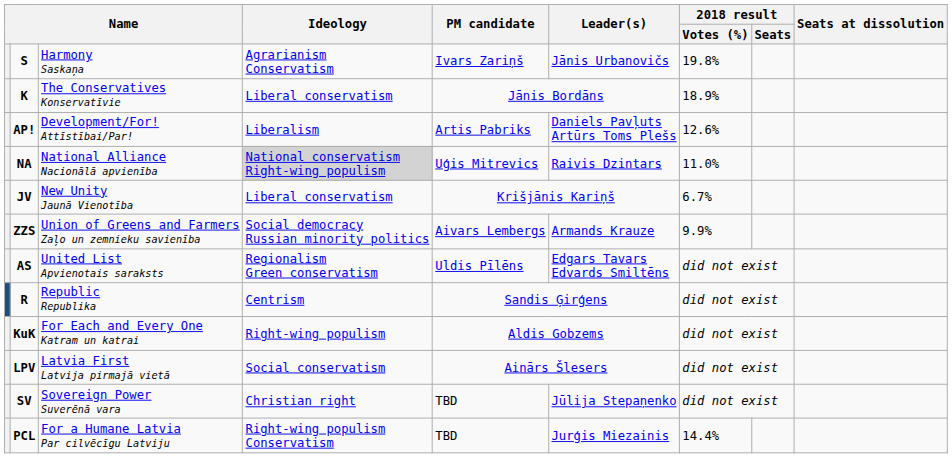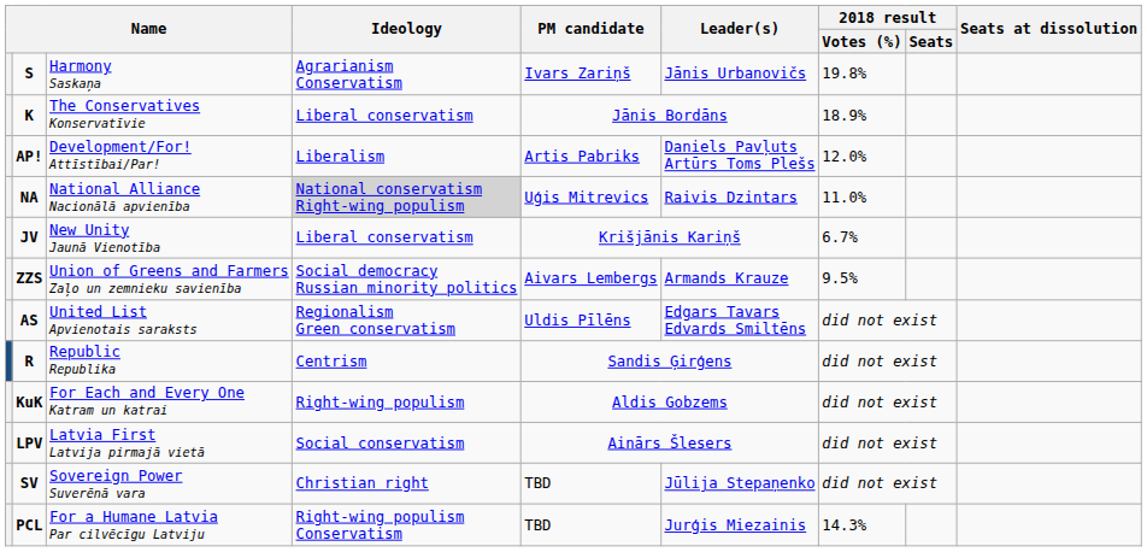 <table class="wikitable sortable">
 <tr>
 <th colspan=3 rowspan=2>Name</th>
 <th rowspan=2>Ideology</th>
 <th rowspan=2>PM candidate</th>
 <th rowspan=2>Leader(s)</th>
 <th colspan=2>2018 result</th>
 <th rowspan=2>Seats at dissolution</th>
 </tr>
 <tr>
 <th>Votes (%)</th>
 <th>Seats</th>
 </tr>
 <tr>
 <th style="background-color:"></th>
 <td style="text-align:center;"><strong>S</strong></td>
 <td><a href='#'>Harmony</a><br><small><em>Saskaņa</em></small></td>
 <td><a href='#'>Agrarianism</a><br><a href='#'>Conservatism</a></td>
 <td><a href='#'>Ivars Zariņš</a></td>
 <td><a href='#'>Jānis Urbanovičs</a></td>
 <td>19.8%</td>
 <td></td>
 <td></td>
 </tr>
 <tr>
 <th style="background-color:"></th>
 <td style="text-align:center;"><strong>K</strong></td>
 <td><a href='#'>The Conservatives</a><br><small><em>Konservatīvie</em></small></td>
 <td><a href='#'>Liberal conservatism</a></td>
 <td style="text-align:center;" colspan="2"><a href='#'>Jānis Bordāns</a></td>
 <td>18.9%</td>
 <td></td>
 <td></td>
 </tr>
 <tr>
 <th style="background-color:"></th>
 <td style="text-align:center;"><strong>AP!</strong></td>
 <td><a href='#'>Development/For!</a><br><small><em>Attīstībai/Par!</em></small></td>
 <td><a href='#'>Liberalism</a></td>
 <td><a href='#'>Artis Pabriks</a></td>
 <td><a href='#'>Daniels Pavļuts</a><br><a href='#'>Artūrs Toms Plešs</a></td>
-<td>12.6%</td>
+<td>12.0%</td>
 <td></td>
 <td></td>
 </tr>
 <tr>
 <th style="background-color:"></th>
 <td style="text-align:center;"><strong>NA</strong></td>
 <td><a href='#'>National Alliance</a><br><small><em>Nacionālā apvienība</em></small></td>
 <td style="background: lightgrey;"><a href='#'>National conservatism</a><br><a href='#'>Right-wing populism</a></td>
 <td><a href='#'>Uģis Mitrevics</a></td>
 <td><a href='#'>Raivis Dzintars</a></td>
 <td>11.0%</td>
 <td></td>
 <td></td>
 </tr>
 <tr>
 <th style="background-color:"></th>
 <td style="text-align:center;"><strong>JV</strong></td>
 <td><a href='#'>New Unity</a><br><small><em>Jaunā Vienotība</em></small></td>
 <td><a href='#'>Liberal conservatism</a></td>
 <td style="text-align:center;" colspan="2"><a href='#'>Krišjānis Kariņš</a></td>
 <td>6.7%</td>
 <td></td>
 <td></td>
 </tr>
 <tr>
 <th style="background-color:"></th>
 <td style="text-align:center;"><strong>ZZS</strong></td>
 <td><a href='#'>Union of Greens and Farmers</a><br><small><em>Zaļo un zemnieku savienība</em></small></td>
 <td><a href='#'>Social democracy</a><br><a href='#'>Russian minority politics</a></td>
 <td><a href='#'>Aivars Lembergs</a></td>
 <td><a href='#'>Armands Krauze</a></td>
-<td>9.9%</td>
+<td>9.5%</td>
 <td></td>
 <td></td>
 </tr>
 <tr>
 <th style="background-color:"></th>
 <td style="text-align:center;"><strong>AS</strong></td>
 <td><a href='#'>United List</a><br><small><em>Apvienotais saraksts</em></small></td>
 <td><a href='#'>Regionalism</a><br><a href='#'>Green conservatism</a></td>
 <td><a href='#'>Uldis Pīlēns</a></td>
 <td><a href='#'>Edgars Tavars</a><br><a href='#'>Edvards Smiltēns</a></td>
 <td colspan="2"><em>did not exist</em></td>
 <td></td>
 </tr>
 <tr>
 <th style="background-color:#1B4D7D"></th>
 <td style="text-align:center;"><strong>R</strong></td>
 <td><a href='#'>Republic</a><br><small><em>Republika</em></small></td>
 <td><a href='#'>Centrism</a></td>
 <td style="text-align:center;" colspan="2"><a href='#'>Sandis Ģirģens</a></td>
 <td colspan=2><em>did not exist</em></td>
 <td></td>
 </tr>
 <tr>
 <th style="background-color:"></th>
 <td style="text-align:center;"><strong>KuK</strong></td>
 <td><a href='#'>For Each and Every One</a><br><small><em>Katram un katrai</em></small></td>
 <td><a href='#'>Right-wing populism</a></td>
 <td style="text-align:center;" colspan="2"><a href='#'>Aldis Gobzems</a></td>
 <td colspan=2><em>did not exist</em></td>
 <td></td>
 </tr>
 <tr>
 <th style="background-color:"></th>
 <td style="text-align:center;"><strong>LPV</strong></td>
 <td><a href='#'>Latvia First</a><br><small><em>Latvija pirmajā vietā</em></small></td>
 <td><a href='#'>Social conservatism</a></td>
 <td style="text-align:center;" colspan="2"><a href='#'>Ainārs Šlesers</a></td>
 <td colspan="2"><em>did not exist</em></td>
 <td></td>
 </tr>
 <tr>
 <th style="background-color:"></th>
 <td style="text-align:center;"><strong>SV</strong></td>
 <td><a href='#'>Sovereign Power</a><br><small><em>Suverēnā vara</em></small></td>
 <td><a href='#'>Christian right</a></td>
 <td>TBD</td>
 <td><a href='#'>Jūlija Stepaņenko</a></td>
 <td colspan="2"><em>did not exist</em></td>
 <td></td>
 </tr>
 <tr>
 <th style="background-color:"></th>
 <td style="text-align:center;"><strong>PCL</strong></td>
 <td><a href='#'>For a Humane Latvia</a><br><small><em>Par cilvēcīgu Latviju</em></small></td>
 <td><a href='#'>Right-wing populism</a><br><a href='#'>Conservatism</a></td>
 <td>TBD</td>
 <td><a href='#'>Jurģis Miezainis</a></td>
-<td>14.4%</td>
+<td>14.3%</td>
 <td></td>
 <td></td>
 </tr>
 </table>
